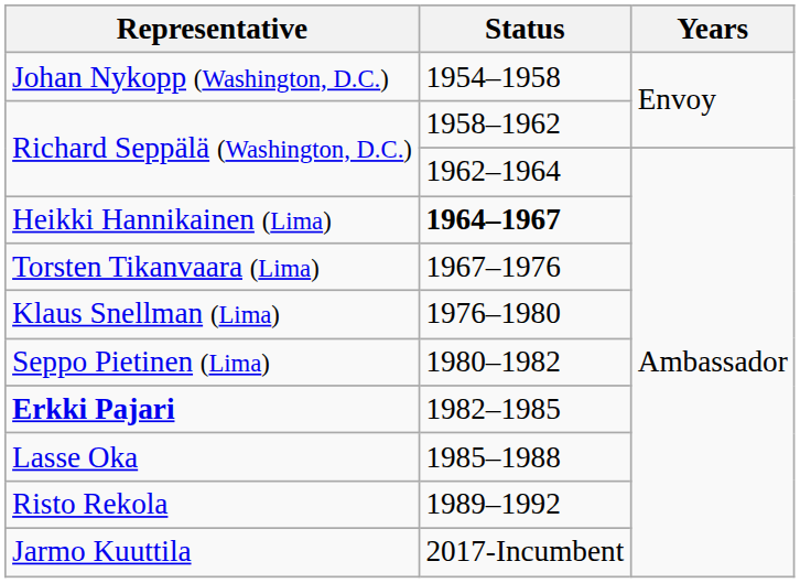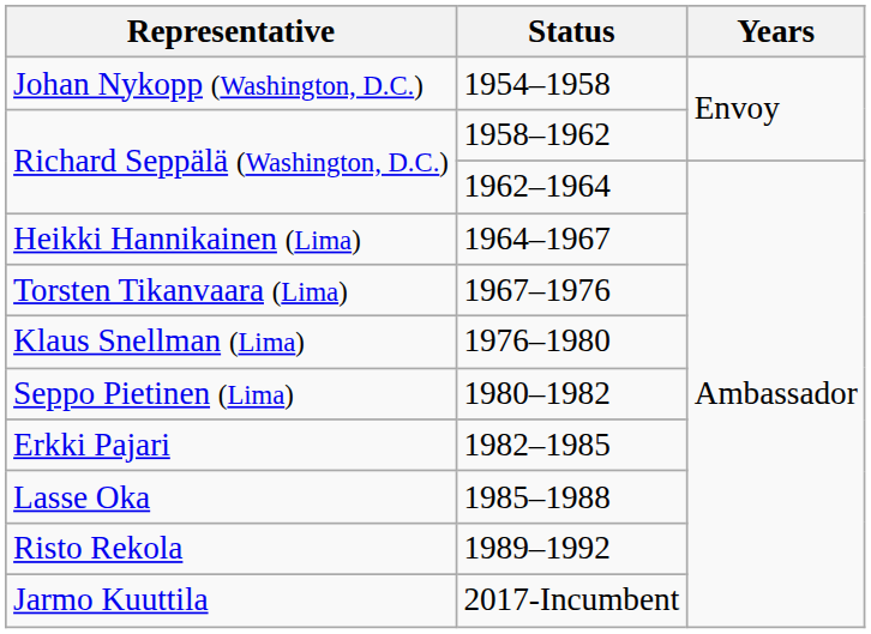 <table class="wikitable sortable">
 <tr>
 <th>Representative</th>
 <th>Status</th>
 <th>Years</th>
 </tr>
 <tr>
 <td><a href='#'>Johan Nykopp</a> <small>(<a href='#'>Washington, D.C.</a>)</small></td>
 <td>1954–1958</td>
 <td rowspan="2">Envoy</td>
 </tr>
 <tr>
 <td rowspan="2"><a href='#'>Richard Seppälä</a> <small>(<a href='#'>Washington, D.C.</a>)</small></td>
 <td>1958–1962</td>
 </tr>
 <tr>
 <td>1962–1964</td>
 <td rowspan="9">Ambassador</td>
 </tr>
 <tr>
 <td><a href='#'>Heikki Hannikainen</a> <small>(<a href='#'>Lima</a>)</small></td>
-<td><strong>1964–1967</strong></td>
+<td>1964–1967</td>
 </tr>
 <tr>
 <td><a href='#'>Torsten Tikanvaara</a> <small>(<a href='#'>Lima</a>)</small></td>
 <td>1967–1976</td>
 </tr>
 <tr>
 <td><a href='#'>Klaus Snellman</a> <small>(<a href='#'>Lima</a>)</small></td>
 <td>1976–1980</td>
 </tr>
 <tr>
 <td><a href='#'>Seppo Pietinen</a> <small>(<a href='#'>Lima</a>)</small></td>
 <td>1980–1982</td>
 </tr>
 <tr>
-<td><strong><a href='#'>Erkki Pajari</a></strong></td>
+<td><a href='#'>Erkki Pajari</a></td>
 <td>1982–1985</td>
 </tr>
 <tr>
 <td><a href='#'>Lasse Oka</a></td>
 <td>1985–1988</td>
 </tr>
 <tr>
 <td><a href='#'>Risto Rekola</a></td>
 <td>1989–1992</td>
 </tr>
 <tr>
 <td><a href='#'>Jarmo Kuuttila</a></td>
 <td>2017-Incumbent</td>
 </tr>
 </table>
